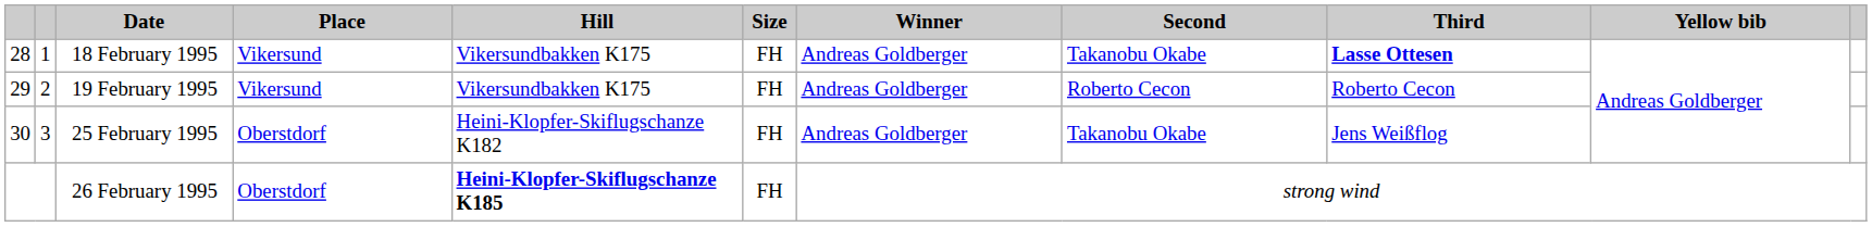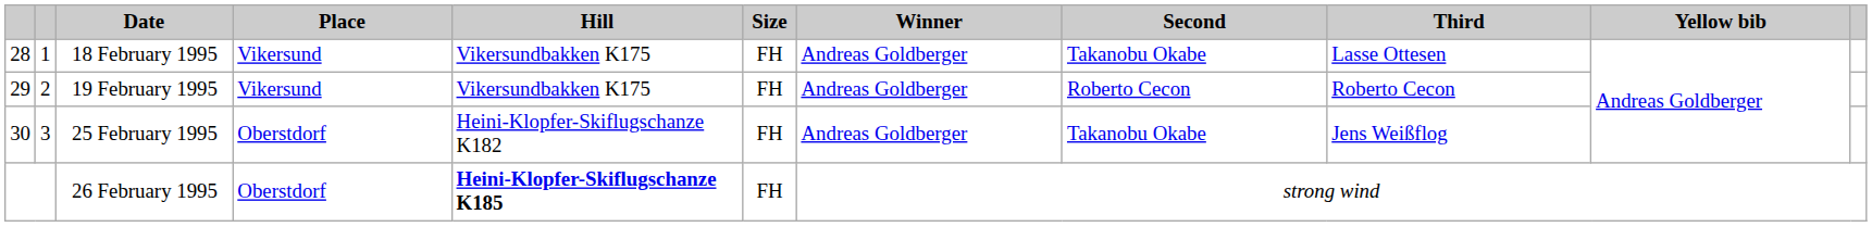 <table class="wikitable plainrowheaders" style="background:#fff; font-size:86%; line-height:16px; border:gray solid 1px; border-collapse:collapse;">
 <tr style="background:#ccc; text-align:center;">
 <th scope="col" style="background:#ccc; width=10 px;"></th>
 <th scope="col" style="background:#ccc; width=10 px;"></th>
 <th scope="col" style="background:#ccc; width:120px;">Date</th>
 <th scope="col" style="background:#ccc; width:150px;">Place</th>
 <th scope="col" style="background:#ccc; width:200px;">Hill</th>
 <th scope="col" style="background:#ccc; width:30px;">Size</th>
 <th scope="col" style="background:#ccc; width:185px;">Winner</th>
 <th scope="col" style="background:#ccc; width:185px;">Second</th>
 <th scope="col" style="background:#ccc; width:185px;">Third</th>
 <th scope="col" style="background:#ccc; width:180px;">Yellow bib</th>
 <th scope="col" style="background:#ccc; width:5px;"></th>
 </tr>
 <tr>
 <td align=center>28</td>
 <td align=center>1</td>
 <td align=right>18 February 1995  </td>
 <td> <a href='#'>Vikersund</a></td>
 <td><a href='#'>Vikersundbakken</a> K175</td>
 <td align=center>FH</td>
 <td> <a href='#'>Andreas Goldberger</a></td>
 <td> <a href='#'>Takanobu Okabe</a></td>
-<td><strong> <a href='#'>Lasse Ottesen</a></strong></td>
+<td> <a href='#'>Lasse Ottesen</a></td>
 <td rowspan=3> <a href='#'>Andreas Goldberger</a></td>
 <td></td>
 </tr>
 <tr>
 <td align=center>29</td>
 <td align=center>2</td>
 <td align=right>19 February 1995  </td>
 <td> <a href='#'>Vikersund</a></td>
 <td><a href='#'>Vikersundbakken</a> K175</td>
 <td align=center>FH</td>
 <td> <a href='#'>Andreas Goldberger</a></td>
 <td> <a href='#'>Roberto Cecon</a></td>
 <td> <a href='#'>Roberto Cecon</a></td>
 <td></td>
 </tr>
 <tr>
 <td align=center>30</td>
 <td align=center>3</td>
 <td align=right>25 February 1995  </td>
 <td> <a href='#'>Oberstdorf</a></td>
 <td><a href='#'>Heini-Klopfer-Skiflugschanze</a> K182</td>
 <td align=center>FH</td>
 <td> <a href='#'>Andreas Goldberger</a></td>
 <td> <a href='#'>Takanobu Okabe</a></td>
 <td> <a href='#'>Jens Weißflog</a></td>
 <td></td>
 </tr>
 <tr>
 <td colspan=2></td>
 <td align=right>26 February 1995  </td>
 <td> <a href='#'>Oberstdorf</a></td>
 <td><strong><a href='#'>Heini-Klopfer-Skiflugschanze</a> K185</strong></td>
 <td align=center>FH</td>
 <td colspan=5 align=center><em>strong wind</em></td>
 </tr>
 </table>
